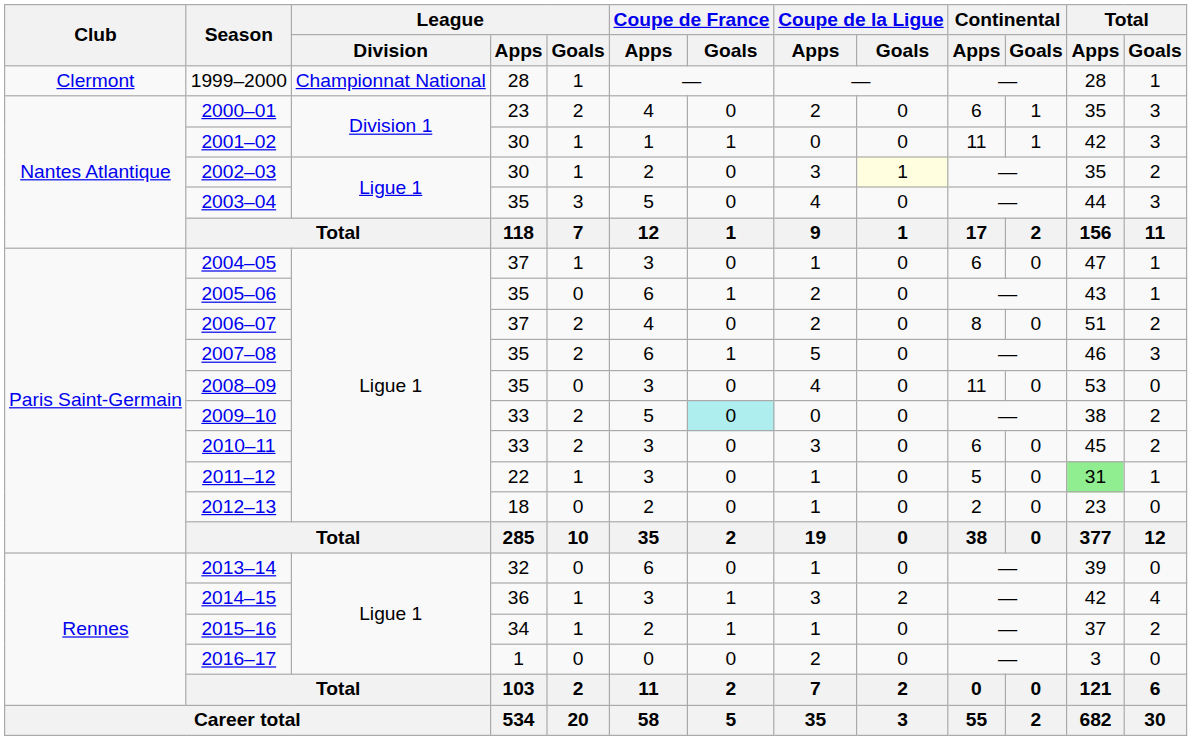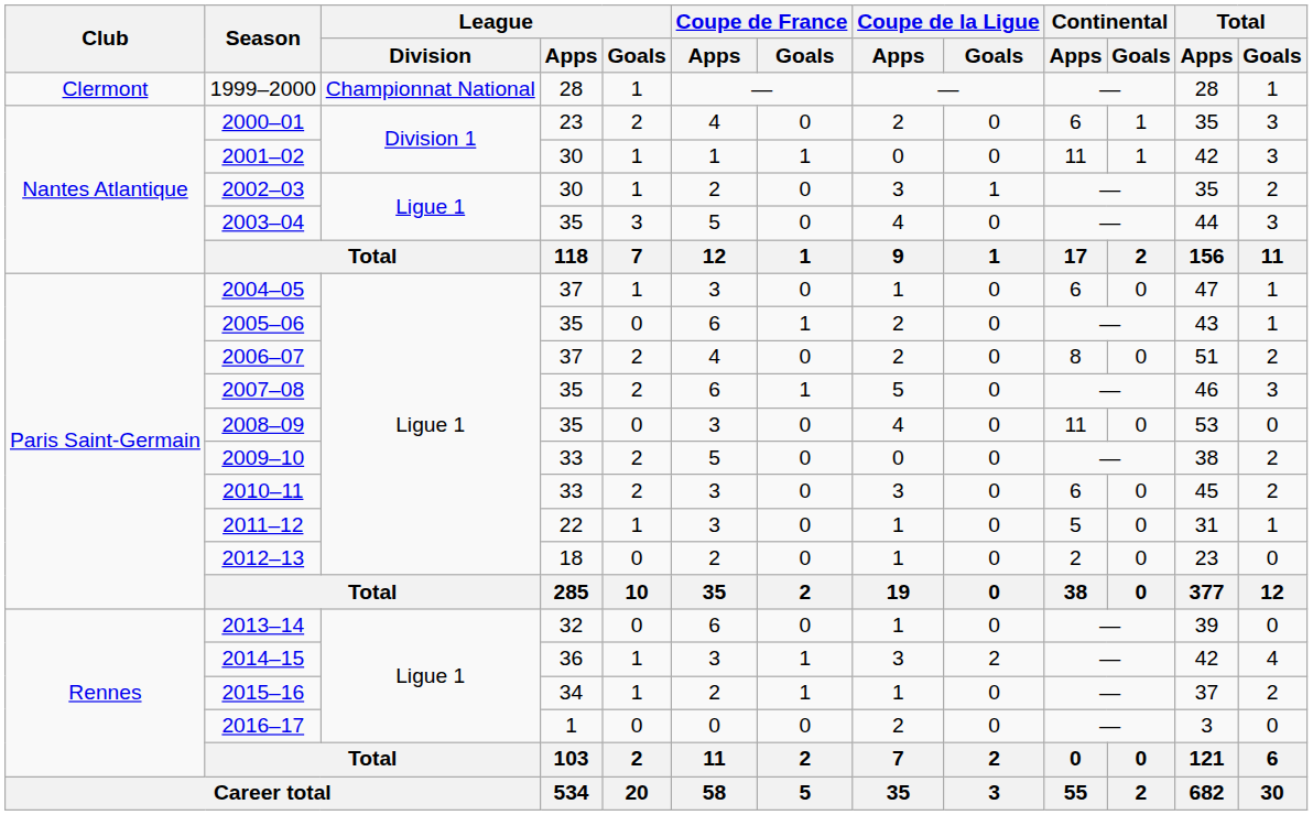 <table class="wikitable" style="text-align:center">
 <tr>
 <th rowspan="2">Club</th>
 <th rowspan="2">Season</th>
 <th colspan="3">League</th>
 <th colspan="2"><a href='#'>Coupe de France</a></th>
 <th colspan="2"><a href='#'>Coupe de la Ligue</a></th>
 <th colspan="2">Continental</th>
 <th colspan="2">Total</th>
 </tr>
 <tr>
 <th>Division</th>
 <th>Apps</th>
 <th>Goals</th>
 <th>Apps</th>
 <th>Goals</th>
 <th>Apps</th>
 <th>Goals</th>
 <th>Apps</th>
 <th>Goals</th>
 <th>Apps</th>
 <th>Goals</th>
 </tr>
 <tr>
 <td><a href='#'>Clermont</a></td>
 <td>1999–2000</td>
 <td><a href='#'>Championnat National</a></td>
 <td>28</td>
 <td>1</td>
 <td colspan="2">—</td>
 <td colspan="2">—</td>
 <td colspan="2">—</td>
 <td>28</td>
 <td>1</td>
 </tr>
 <tr>
 <td rowspan="5"><a href='#'>Nantes Atlantique</a></td>
 <td><a href='#'>2000–01</a></td>
 <td rowspan="2"><a href='#'>Division 1</a></td>
 <td>23</td>
 <td>2</td>
 <td>4</td>
 <td>0</td>
 <td>2</td>
 <td>0</td>
 <td>6</td>
 <td>1</td>
 <td>35</td>
 <td>3</td>
 </tr>
 <tr>
 <td><a href='#'>2001–02</a></td>
 <td>30</td>
 <td>1</td>
 <td>1</td>
 <td>1</td>
 <td>0</td>
 <td>0</td>
 <td>11</td>
 <td>1</td>
 <td>42</td>
 <td>3</td>
 </tr>
 <tr>
 <td><a href='#'>2002–03</a></td>
 <td rowspan="2"><a href='#'>Ligue 1</a></td>
 <td>30</td>
 <td>1</td>
 <td>2</td>
 <td>0</td>
 <td>3</td>
-<td style="background: lightyellow;">1</td>
+<td>1</td>
 <td colspan="2">—</td>
 <td>35</td>
 <td>2</td>
 </tr>
 <tr>
 <td><a href='#'>2003–04</a></td>
 <td>35</td>
 <td>3</td>
 <td>5</td>
 <td>0</td>
 <td>4</td>
 <td>0</td>
 <td colspan="2">—</td>
 <td>44</td>
 <td>3</td>
 </tr>
 <tr>
 <th colspan="2">Total</th>
 <th>118</th>
 <th>7</th>
 <th>12</th>
 <th>1</th>
 <th>9</th>
 <th>1</th>
 <th>17</th>
 <th>2</th>
 <th>156</th>
 <th>11</th>
 </tr>
 <tr>
 <td rowspan="10"><a href='#'>Paris Saint-Germain</a></td>
 <td><a href='#'>2004–05</a></td>
 <td rowspan="9">Ligue 1</td>
 <td>37</td>
 <td>1</td>
 <td>3</td>
 <td>0</td>
 <td>1</td>
 <td>0</td>
 <td>6</td>
 <td>0</td>
 <td>47</td>
 <td>1</td>
 </tr>
 <tr>
 <td><a href='#'>2005–06</a></td>
 <td>35</td>
 <td>0</td>
 <td>6</td>
 <td>1</td>
 <td>2</td>
 <td>0</td>
 <td colspan="2">—</td>
 <td>43</td>
 <td>1</td>
 </tr>
 <tr>
 <td><a href='#'>2006–07</a></td>
 <td>37</td>
 <td>2</td>
 <td>4</td>
 <td>0</td>
 <td>2</td>
 <td>0</td>
 <td>8</td>
 <td>0</td>
 <td>51</td>
 <td>2</td>
 </tr>
 <tr>
 <td><a href='#'>2007–08</a></td>
 <td>35</td>
 <td>2</td>
 <td>6</td>
 <td>1</td>
 <td>5</td>
 <td>0</td>
 <td colspan="2">—</td>
 <td>46</td>
 <td>3</td>
 </tr>
 <tr>
 <td><a href='#'>2008–09</a></td>
 <td>35</td>
 <td>0</td>
 <td>3</td>
 <td>0</td>
 <td>4</td>
 <td>0</td>
 <td>11</td>
 <td>0</td>
 <td>53</td>
 <td>0</td>
 </tr>
 <tr>
 <td><a href='#'>2009–10</a></td>
 <td>33</td>
 <td>2</td>
 <td>5</td>
-<td style="background: paleturquoise;">0</td>
+<td>0</td>
 <td>0</td>
 <td>0</td>
 <td colspan="2">—</td>
 <td>38</td>
 <td>2</td>
 </tr>
 <tr>
 <td><a href='#'>2010–11</a></td>
 <td>33</td>
 <td>2</td>
 <td>3</td>
 <td>0</td>
 <td>3</td>
 <td>0</td>
 <td>6</td>
 <td>0</td>
 <td>45</td>
 <td>2</td>
 </tr>
 <tr>
 <td><a href='#'>2011–12</a></td>
 <td>22</td>
 <td>1</td>
 <td>3</td>
 <td>0</td>
 <td>1</td>
 <td>0</td>
 <td>5</td>
 <td>0</td>
-<td style="background: lightgreen;">31</td>
+<td>31</td>
 <td>1</td>
 </tr>
 <tr>
 <td><a href='#'>2012–13</a></td>
 <td>18</td>
 <td>0</td>
 <td>2</td>
 <td>0</td>
 <td>1</td>
 <td>0</td>
 <td>2</td>
 <td>0</td>
 <td>23</td>
 <td>0</td>
 </tr>
 <tr>
 <th colspan="2">Total</th>
 <th>285</th>
 <th>10</th>
 <th>35</th>
 <th>2</th>
 <th>19</th>
 <th>0</th>
 <th>38</th>
 <th>0</th>
 <th>377</th>
 <th>12</th>
 </tr>
 <tr>
 <td rowspan="5"><a href='#'>Rennes</a></td>
 <td><a href='#'>2013–14</a></td>
 <td rowspan="4">Ligue 1</td>
 <td>32</td>
 <td>0</td>
 <td>6</td>
 <td>0</td>
 <td>1</td>
 <td>0</td>
 <td colspan="2">—</td>
 <td>39</td>
 <td>0</td>
 </tr>
 <tr>
 <td><a href='#'>2014–15</a></td>
 <td>36</td>
 <td>1</td>
 <td>3</td>
 <td>1</td>
 <td>3</td>
 <td>2</td>
 <td colspan="2">—</td>
 <td>42</td>
 <td>4</td>
 </tr>
 <tr>
 <td><a href='#'>2015–16</a></td>
 <td>34</td>
 <td>1</td>
 <td>2</td>
 <td>1</td>
 <td>1</td>
 <td>0</td>
 <td colspan="2">—</td>
 <td>37</td>
 <td>2</td>
 </tr>
 <tr>
 <td><a href='#'>2016–17</a></td>
 <td>1</td>
 <td>0</td>
 <td>0</td>
 <td>0</td>
 <td>2</td>
 <td>0</td>
 <td colspan="2">—</td>
 <td>3</td>
 <td>0</td>
 </tr>
 <tr>
 <th colspan="2">Total</th>
 <th>103</th>
 <th>2</th>
 <th>11</th>
 <th>2</th>
 <th>7</th>
 <th>2</th>
 <th>0</th>
 <th>0</th>
 <th>121</th>
 <th>6</th>
 </tr>
 <tr>
 <th colspan="3">Career total</th>
 <th>534</th>
 <th>20</th>
 <th>58</th>
 <th>5</th>
 <th>35</th>
 <th>3</th>
 <th>55</th>
 <th>2</th>
 <th>682</th>
 <th>30</th>
 </tr>
 </table>
